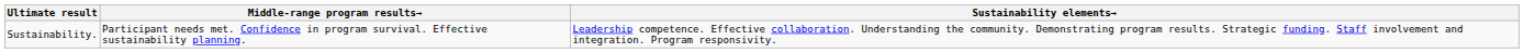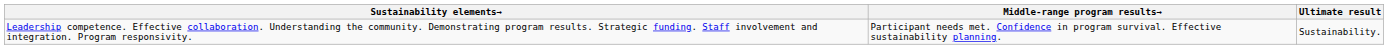 <table class="wikitable sortable mw-collapsible mw-collapsed wiki-table">
 <tr>
+<th><strong>Sustainability elements</strong>→</th>
+<th><strong>Middle-range program results</strong>→</th>
 <th><strong>Ultimate result</strong></th>
-<th><strong>Middle-range program results</strong>→</th>
-<th><strong>Sustainability elements</strong>→</th>
 </tr>
 <tr>
+<td><a href='#'>Leadership</a> competence. Effective <a href='#'>collaboration</a>. Understanding the community. Demonstrating program results. Strategic <a href='#'>funding</a>. <a href='#'>Staff</a> involvement and integration. Program responsivity.</td>
+<td>Participant needs met. <a href='#'>Confidence</a> in program survival. Effective sustainability <a href='#'>planning</a>.</td>
 <td>Sustainability.</td>
-<td>Participant needs met. <a href='#'>Confidence</a> in program survival. Effective sustainability <a href='#'>planning</a>.</td>
-<td><a href='#'>Leadership</a> competence. Effective <a href='#'>collaboration</a>. Understanding the community. Demonstrating program results. Strategic <a href='#'>funding</a>. <a href='#'>Staff</a> involvement and integration. Program responsivity.</td>
 </tr>
 </table>
